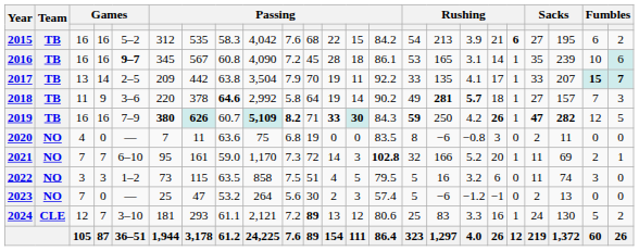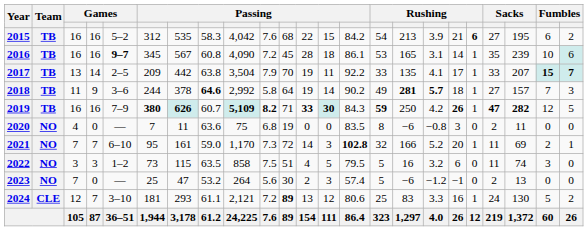 <table class="wikitable" style="text-align:center;">
 <tr>
 <th rowspan="2">Year</th>
 <th rowspan="2">Team</th>
 <th colspan="3">Games</th>
 <th colspan="9">Passing</th>
 <th colspan="5">Rushing</th>
 <th colspan="2">Sacks</th>
 <th colspan="2">Fumbles</th>
 </tr>
 <tr>
 <th></th>
 <th></th>
 <th></th>
 <th></th>
 <th></th>
 <th></th>
 <th></th>
 <th></th>
 <th></th>
 <th></th>
 <th></th>
 <th></th>
 <th></th>
 <th></th>
 <th></th>
 <th></th>
 <th></th>
 <th></th>
 <th></th>
 <th></th>
 <th></th>
 </tr>
 <tr>
 <th><a href='#'>2015</a></th>
 <th><a href='#'>TB</a></th>
 <td>16</td>
 <td>16</td>
 <td>5–2</td>
 <td>312</td>
 <td>535</td>
 <td>58.3</td>
 <td>4,042</td>
 <td>7.6</td>
 <td>68</td>
 <td>22</td>
 <td>15</td>
 <td>84.2</td>
 <td>54</td>
 <td>213</td>
 <td>3.9</td>
 <td>21</td>
 <td><strong>6</strong></td>
 <td>27</td>
 <td>195</td>
 <td>6</td>
 <td>2</td>
 </tr>
 <tr>
 <th><a href='#'>2016</a></th>
 <th><a href='#'>TB</a></th>
 <td>16</td>
 <td>16</td>
 <td><strong>9–7</strong></td>
 <td>345</td>
 <td>567</td>
 <td>60.8</td>
 <td>4,090</td>
 <td>7.2</td>
 <td>45</td>
 <td>28</td>
 <td>18</td>
 <td>86.1</td>
 <td>53</td>
 <td>165</td>
 <td>3.1</td>
 <td>14</td>
 <td>1</td>
 <td>35</td>
 <td>239</td>
 <td>10</td>
 <td style="background:#cfecec;">6</td>
 </tr>
 <tr>
 <th><a href='#'>2017</a></th>
 <th><a href='#'>TB</a></th>
 <td>13</td>
 <td>14</td>
 <td>2–5</td>
 <td>209</td>
 <td>442</td>
 <td>63.8</td>
 <td>3,504</td>
 <td>7.9</td>
 <td>70</td>
 <td>19</td>
 <td>11</td>
 <td>92.2</td>
 <td>33</td>
 <td>135</td>
 <td>4.1</td>
 <td>17</td>
 <td>1</td>
 <td>33</td>
 <td>207</td>
 <td style="background:#cfecec;"><strong>15</strong></td>
 <td style="background:#cfecec;"><strong>7</strong></td>
 </tr>
 <tr>
 <th><a href='#'>2018</a></th>
 <th><a href='#'>TB</a></th>
 <td>11</td>
 <td>9</td>
 <td>3–6</td>
-<td>220</td>
+<td>244</td>
 <td>378</td>
 <td><strong>64.6</strong></td>
 <td>2,992</td>
 <td>5.8</td>
 <td>64</td>
 <td>19</td>
 <td>14</td>
 <td>90.2</td>
 <td>49</td>
 <td><strong>281</strong></td>
 <td><strong>5.7</strong></td>
 <td>18</td>
 <td>1</td>
 <td>27</td>
 <td>157</td>
 <td>7</td>
 <td>3</td>
 </tr>
 <tr>
 <th><a href='#'>2019</a></th>
 <th><a href='#'>TB</a></th>
 <td>16</td>
 <td>16</td>
 <td>7–9</td>
 <td><strong>380</strong></td>
 <td style="background:#cfecec;"><strong>626</strong></td>
 <td>60.7</td>
 <td style="background:#cfecec;"><strong>5,109</strong></td>
 <td><strong>8.2</strong></td>
 <td>71</td>
 <td><strong>33</strong></td>
 <td style="background:#cfecec;"><strong>30</strong></td>
 <td>84.3</td>
 <td><strong>59</strong></td>
 <td>250</td>
 <td>4.2</td>
 <td><strong>26</strong></td>
 <td>1</td>
 <td><strong>47</strong></td>
 <td><strong>282</strong></td>
 <td>12</td>
 <td>5</td>
 </tr>
 <tr>
 <th><a href='#'>2020</a></th>
 <th><a href='#'>NO</a></th>
 <td>4</td>
 <td>0</td>
 <td>—</td>
 <td>7</td>
 <td>11</td>
 <td>63.6</td>
 <td>75</td>
 <td>6.8</td>
 <td>19</td>
 <td>0</td>
 <td>0</td>
 <td>83.5</td>
 <td>8</td>
 <td>−6</td>
 <td>−0.8</td>
 <td>3</td>
 <td>0</td>
 <td>2</td>
 <td>11</td>
 <td>0</td>
 <td>0</td>
 </tr>
 <tr>
 <th><a href='#'>2021</a></th>
 <th><a href='#'>NO</a></th>
 <td>7</td>
 <td>7</td>
 <td>6–10</td>
 <td>95</td>
 <td>161</td>
 <td>59.0</td>
 <td>1,170</td>
 <td>7.3</td>
 <td>72</td>
 <td>14</td>
 <td>3</td>
 <td><strong>102.8</strong></td>
 <td>32</td>
 <td>166</td>
 <td>5.2</td>
 <td>20</td>
 <td>1</td>
 <td>11</td>
 <td>69</td>
 <td>2</td>
 <td>1</td>
 </tr>
 <tr>
 <th><a href='#'>2022</a></th>
 <th><a href='#'>NO</a></th>
 <td>3</td>
 <td>3</td>
 <td>1–2</td>
 <td>73</td>
 <td>115</td>
 <td>63.5</td>
 <td>858</td>
 <td>7.5</td>
 <td>51</td>
 <td>4</td>
 <td>5</td>
 <td>79.5</td>
 <td>5</td>
 <td>16</td>
 <td>3.2</td>
 <td>6</td>
 <td>0</td>
 <td>11</td>
 <td>74</td>
 <td>3</td>
 <td>0</td>
 </tr>
 <tr>
 <th><a href='#'>2023</a></th>
 <th><a href='#'>NO</a></th>
 <td>7</td>
 <td>0</td>
 <td>—</td>
 <td>25</td>
 <td>47</td>
 <td>53.2</td>
 <td>264</td>
 <td>5.6</td>
 <td>30</td>
 <td>2</td>
 <td>3</td>
 <td>57.4</td>
 <td>5</td>
 <td>−6</td>
 <td>−1.2</td>
 <td>−1</td>
 <td>0</td>
 <td>2</td>
 <td>13</td>
 <td>0</td>
 <td>0</td>
 </tr>
 <tr>
 <th><a href='#'>2024</a></th>
 <th><a href='#'>CLE</a></th>
 <td>12</td>
 <td>7</td>
 <td>3–10</td>
 <td>181</td>
 <td>293</td>
 <td>61.1</td>
 <td>2,121</td>
 <td>7.2</td>
 <td><strong>89</strong></td>
 <td>13</td>
 <td>12</td>
 <td>80.6</td>
 <td>25</td>
 <td>83</td>
 <td>3.3</td>
 <td>16</td>
 <td>1</td>
 <td>24</td>
 <td>130</td>
 <td>5</td>
 <td>2</td>
 </tr>
 <tr>
 <th colspan="2"></th>
 <th>105</th>
 <th>87</th>
 <th>36–51</th>
 <th>1,944</th>
 <th>3,178</th>
 <th>61.2</th>
 <th>24,225</th>
 <th>7.6</th>
 <th>89</th>
 <th>154</th>
 <th>111</th>
 <th>86.4</th>
 <th>323</th>
 <th>1,297</th>
 <th>4.0</th>
 <th>26</th>
 <th>12</th>
 <th>219</th>
 <th>1,372</th>
 <th>60</th>
 <th>26</th>
 </tr>
 </table>
